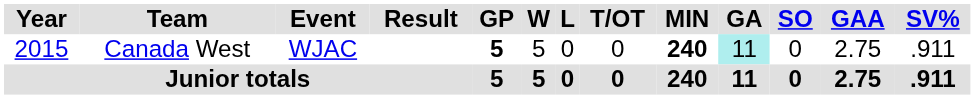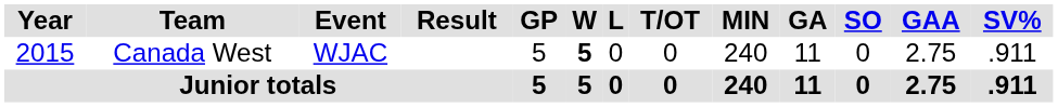 <table border="0" cellpadding="1" cellspacing="0" ID="Table3" style="text-align:center; width:40em">
 <tr bgcolor="#e0e0e0">
 <th>Year</th>
 <th>Team</th>
 <th>Event</th>
 <th>Result</th>
 <th>GP</th>
 <th>W</th>
 <th>L</th>
 <th>T/OT</th>
 <th>MIN</th>
 <th>GA</th>
 <th><a href='#'>SO</a></th>
 <th><a href='#'>GAA</a></th>
 <th><a href='#'>SV%</a></th>
 </tr>
 <tr ALIGN="center">
 <td><a href='#'>2015</a></td>
 <td><a href='#'>Canada</a> West</td>
 <td><a href='#'>WJAC</a></td>
 <td></td>
+<td>5</td>
 <td><strong>5</strong></td>
-<td>5</td>
 <td>0</td>
 <td>0</td>
-<td><strong>240</strong></td>
-<td style="background: paleturquoise;">11</td>
+<td>240</td>
+<td>11</td>
 <td>0</td>
 <td>2.75</td>
 <td>.911</td>
 </tr>
 <tr bgcolor="#e0e0e0">
 <th colspan="4">Junior totals</th>
 <th>5</th>
 <th>5</th>
 <th>0</th>
 <th>0</th>
 <th>240</th>
 <th>11</th>
 <th>0</th>
 <th>2.75</th>
 <th>.911</th>
 </tr>
 </table>
